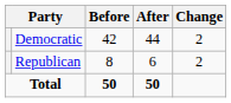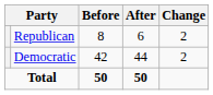 <table class="wikitable" style="text-align:center;">
 <tr>
 <th colspan="2">Party</th>
 <th>Before</th>
 <th>After</th>
 <th>Change</th>
 </tr>
 <tr>
 <th style="background-color:"></th>
-<td style="text-align:left;"><a href='#'>Democratic</a></td>
-<td>42</td>
-<td>44</td>
+<td style="text-align:left;"><a href='#'>Republican</a></td>
+<td>8</td>
+<td>6</td>
 <td> 2</td>
 </tr>
 <tr>
 <th style="background-color:"></th>
-<td style="text-align:left;"><a href='#'>Republican</a></td>
-<td>8</td>
-<td>6</td>
+<td style="text-align:left;"><a href='#'>Democratic</a></td>
+<td>42</td>
+<td>44</td>
 <td> 2</td>
 </tr>
 <tr>
 <td colspan="2"><strong>Total</strong></td>
 <td><strong>50</strong></td>
 <td><strong>50</strong></td>
 <td></td>
 </tr>
 </table>
